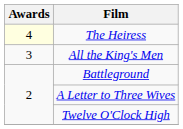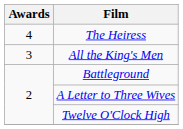 <table class="wikitable" rowspan="2" style="text-align:center;">
 <tr>
 <th scope="col" style="width:55px;">Awards</th>
 <th scope="col" style="text-align:center;">Film</th>
 </tr>
 <tr>
-<td rowspan=1, style="background: lightyellow; text-align:center">4</td>
+<td rowspan=1, style="text-align:center">4</td>
 <td><em><a href='#'>The Heiress</a></em></td>
 </tr>
 <tr>
 <td rowspan=1, style="text-align:center">3</td>
 <td><em><a href='#'>All the King's Men</a></em></td>
 </tr>
 <tr>
 <td rowspan=3, style="text-align:center">2</td>
 <td><em><a href='#'>Battleground</a></em></td>
 </tr>
 <tr>
 <td><em><a href='#'>A Letter to Three Wives</a></em></td>
 </tr>
 <tr>
 <td><em><a href='#'>Twelve O'Clock High</a></em></td>
 </tr>
 <tr>
 </tr>
 </table>
